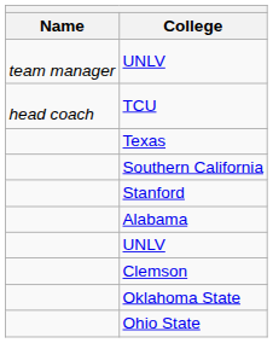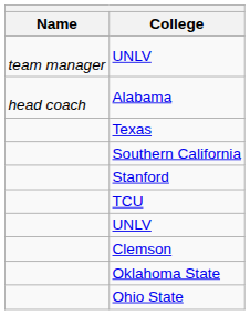 <table class="wikitable sortable">
 <tr>
 <th colspan=2></th>
 </tr>
 <tr>
 <th>Name</th>
 <th>College</th>
 </tr>
 <tr>
 <td><br><em>team manager</em></td>
 <td><a href='#'>UNLV</a></td>
 </tr>
 <tr>
 <td><br><em>head coach</em></td>
-<td><a href='#'>TCU</a></td>
+<td><a href='#'>Alabama</a></td>
 </tr>
 <tr>
 <td></td>
 <td><a href='#'>Texas</a></td>
 </tr>
 <tr>
 <td></td>
 <td><a href='#'>Southern California</a></td>
 </tr>
 <tr>
 <td></td>
 <td><a href='#'>Stanford</a></td>
 </tr>
 <tr>
 <td></td>
-<td><a href='#'>Alabama</a></td>
+<td><a href='#'>TCU</a></td>
 </tr>
 <tr>
 <td></td>
 <td><a href='#'>UNLV</a></td>
 </tr>
 <tr>
 <td></td>
 <td><a href='#'>Clemson</a></td>
 </tr>
 <tr>
 <td></td>
 <td><a href='#'>Oklahoma State</a></td>
 </tr>
 <tr>
 <td></td>
 <td><a href='#'>Ohio State</a></td>
 </tr>
 </table>
